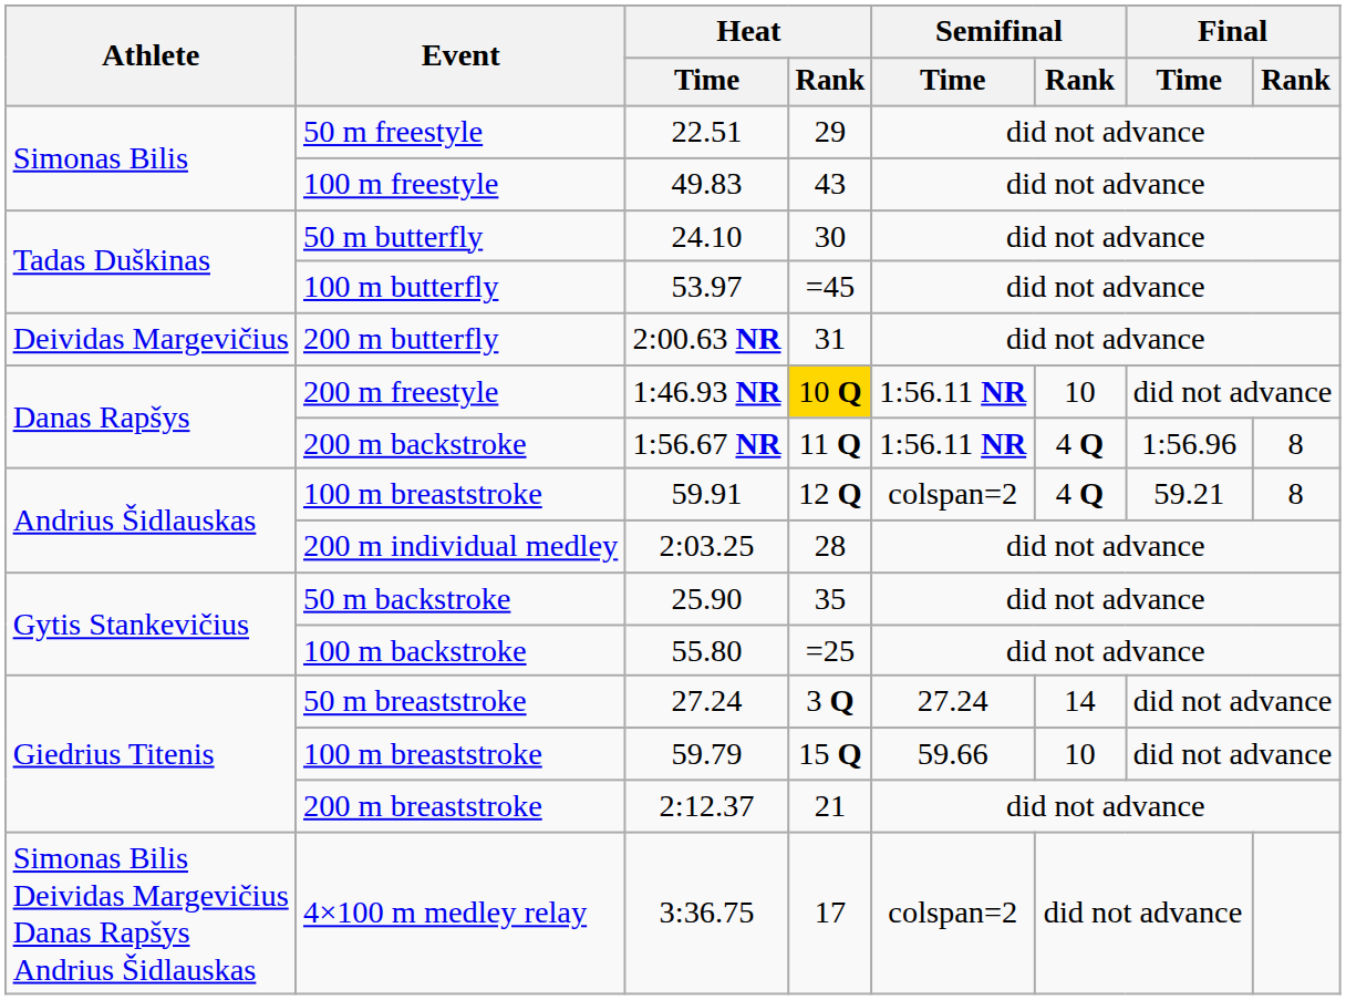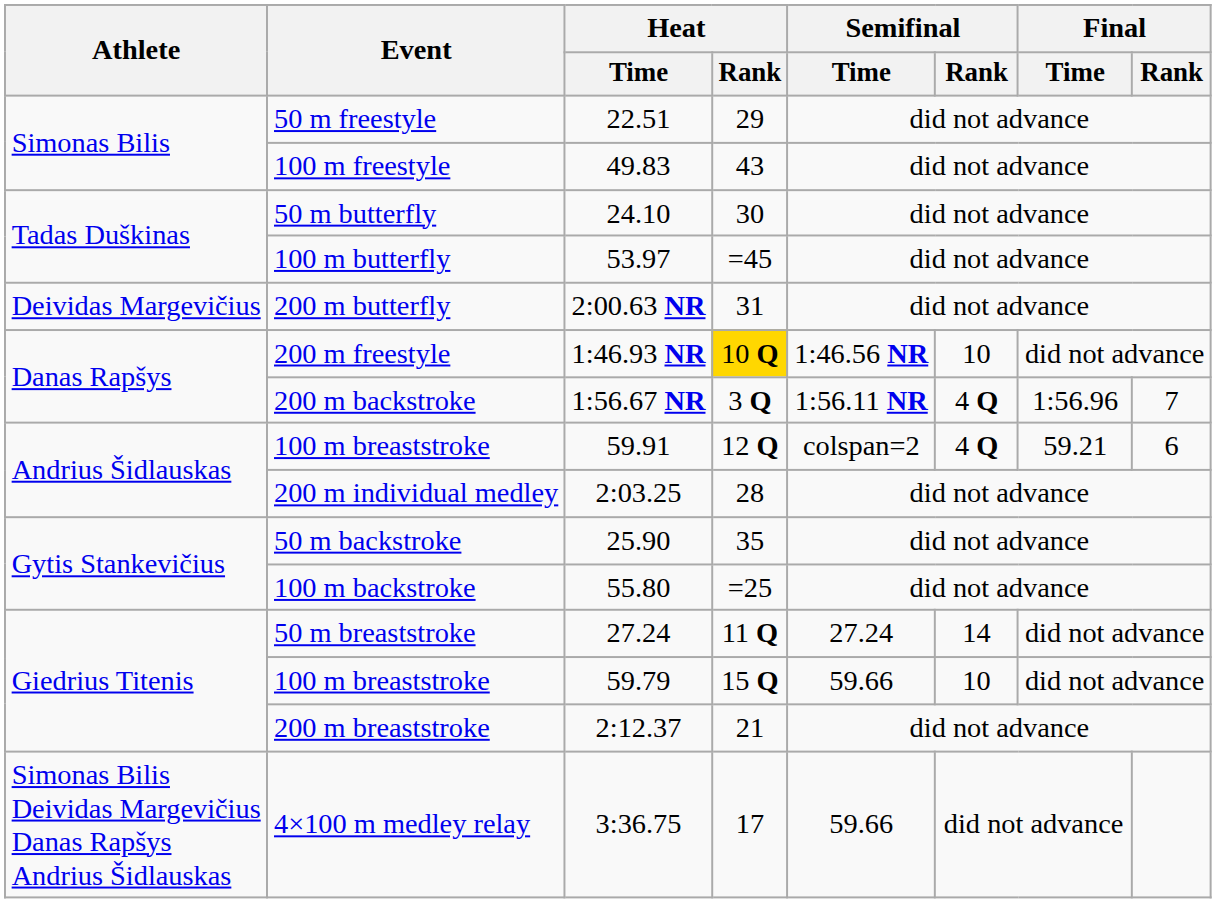 <table class=wikitable style="font-size:90%">
 <tr>
 <th rowspan="2">Athlete</th>
 <th rowspan="2">Event</th>
 <th colspan="2">Heat</th>
 <th colspan="2">Semifinal</th>
 <th colspan="2">Final</th>
 </tr>
 <tr style="font-size:95%">
 <th>Time</th>
 <th>Rank</th>
 <th>Time</th>
 <th>Rank</th>
 <th>Time</th>
 <th>Rank</th>
 </tr>
 <tr align=center>
 <td align=left rowspan=2><a href='#'>Simonas Bilis</a></td>
 <td align=left><a href='#'>50 m freestyle</a></td>
 <td>22.51</td>
 <td>29</td>
 <td colspan=4>did not advance</td>
 </tr>
 <tr align=center>
 <td align=left><a href='#'>100 m freestyle</a></td>
 <td>49.83</td>
 <td>43</td>
 <td colspan=4>did not advance</td>
 </tr>
 <tr align=center>
 <td align=left rowspan=2><a href='#'>Tadas Duškinas</a></td>
 <td align=left><a href='#'>50 m butterfly</a></td>
 <td>24.10</td>
 <td>30</td>
 <td colspan=4>did not advance</td>
 </tr>
 <tr align=center>
 <td align=left><a href='#'>100 m butterfly</a></td>
 <td>53.97</td>
 <td>=45</td>
 <td colspan=4>did not advance</td>
 </tr>
 <tr align=center>
 <td align=left><a href='#'>Deividas Margevičius</a></td>
 <td align=left><a href='#'>200 m butterfly</a></td>
 <td>2:00.63 <strong><a href='#'>NR</a></strong></td>
 <td>31</td>
 <td colspan=4>did not advance</td>
 </tr>
 <tr align=center>
 <td align=left rowspan=2><a href='#'>Danas Rapšys</a></td>
 <td align=left><a href='#'>200 m freestyle</a></td>
 <td>1:46.93 <strong><a href='#'>NR</a></strong></td>
 <td style="background: gold;">10 <strong>Q</strong></td>
-<td>1:56.11 <strong><a href='#'>NR</a></strong></td>
+<td>1:46.56 <strong><a href='#'>NR</a></strong></td>
 <td>10</td>
 <td colspan=2>did not advance</td>
 </tr>
 <tr align=center>
 <td align=left><a href='#'>200 m backstroke</a></td>
 <td>1:56.67 <strong><a href='#'>NR</a></strong></td>
-<td>11 <strong>Q</strong></td>
+<td>3 <strong>Q</strong></td>
 <td>1:56.11 <strong><a href='#'>NR</a></strong></td>
 <td>4 <strong>Q</strong></td>
 <td>1:56.96</td>
-<td>8</td>
+<td>7</td>
 </tr>
 <tr align=center>
 <td align=left rowspan=2><a href='#'>Andrius Šidlauskas</a></td>
 <td align=left><a href='#'>100 m breaststroke</a></td>
 <td>59.91</td>
 <td>12 <strong>Q</strong></td>
 <td>colspan=2 </td>
 <td>4 <strong>Q</strong></td>
 <td>59.21</td>
-<td>8</td>
+<td>6</td>
 </tr>
 <tr align=center>
 <td align=left><a href='#'>200 m individual medley</a></td>
 <td>2:03.25</td>
 <td>28</td>
 <td colspan=4>did not advance</td>
 </tr>
 <tr align=center>
 <td align=left rowspan=2><a href='#'>Gytis Stankevičius</a></td>
 <td align=left><a href='#'>50 m backstroke</a></td>
 <td>25.90</td>
 <td>35</td>
 <td colspan=4>did not advance</td>
 </tr>
 <tr align=center>
 <td align=left><a href='#'>100 m backstroke</a></td>
 <td>55.80</td>
 <td>=25</td>
 <td colspan=4>did not advance</td>
 </tr>
 <tr align=center>
 <td align=left rowspan=3><a href='#'>Giedrius Titenis</a></td>
 <td align=left><a href='#'>50 m breaststroke</a></td>
 <td>27.24</td>
-<td>3 <strong>Q</strong></td>
+<td>11 <strong>Q</strong></td>
 <td>27.24</td>
 <td>14</td>
 <td colspan=2>did not advance</td>
 </tr>
 <tr align=center>
 <td align=left><a href='#'>100 m breaststroke</a></td>
 <td>59.79</td>
 <td>15 <strong>Q</strong></td>
 <td>59.66</td>
 <td>10</td>
 <td colspan=2>did not advance</td>
 </tr>
 <tr align=center>
 <td align=left><a href='#'>200 m breaststroke</a></td>
 <td>2:12.37</td>
 <td>21</td>
 <td colspan=4>did not advance</td>
 </tr>
 <tr align=center>
 <td align=left><a href='#'>Simonas Bilis</a><br><a href='#'>Deividas Margevičius</a><br><a href='#'>Danas Rapšys</a><br><a href='#'>Andrius Šidlauskas</a></td>
 <td align=left><a href='#'>4×100 m medley relay</a></td>
 <td>3:36.75</td>
 <td>17</td>
-<td>colspan=2 </td>
+<td>59.66</td>
 <td colspan=2>did not advance</td>
 </tr>
 </table>
